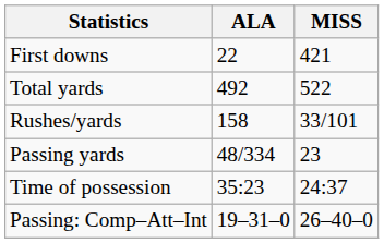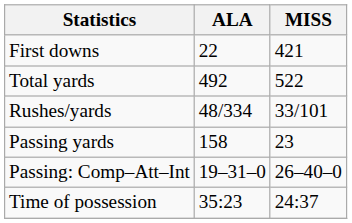 <table class="wikitable" style="float: left;">
 <tr>
 <th>Statistics</th>
 <th>ALA</th>
 <th>MISS</th>
 </tr>
 <tr>
 <td>First downs</td>
 <td>22</td>
 <td>421</td>
 </tr>
 <tr>
 <td>Total yards</td>
 <td>492</td>
 <td>522</td>
 </tr>
 <tr>
 <td>Rushes/yards</td>
-<td>158</td>
+<td>48/334</td>
 <td>33/101</td>
 </tr>
 <tr>
 <td>Passing yards</td>
-<td>48/334</td>
+<td>158</td>
 <td>23</td>
+</tr>
+<tr>
+<td>Passing: Comp–Att–Int</td>
+<td>19–31–0</td>
+<td>26–40–0</td>
 </tr>
 <tr>
 <td>Time of possession</td>
 <td>35:23</td>
 <td>24:37</td>
 </tr>
 <tr>
-<td>Passing: Comp–Att–Int</td>
-<td>19–31–0</td>
-<td>26–40–0</td>
-</tr>
-<tr>
 </tr>
 </table>
